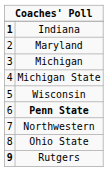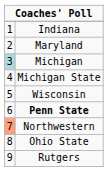 <table class="wikitable" style="display: inline-table;">
 <tr>
 <td align="center" Colspan="3"><strong>Coaches' Poll</strong></td>
 </tr>
 <tr align="center">
 </tr>
 <tr align="center">
-<td><strong>1</strong></td>
+<td>1</td>
 <td>Indiana</td>
 </tr>
 <tr align="center">
 <td>2</td>
 <td>Maryland</td>
 </tr>
 <tr align="center">
-<td>3</td>
+<td style="background: lightblue;">3</td>
 <td>Michigan</td>
 </tr>
 <tr align="center">
 <td>4</td>
 <td>Michigan State</td>
 </tr>
 <tr align="center">
 <td>5</td>
 <td>Wisconsin</td>
 </tr>
 <tr align="center">
 <td>6</td>
 <td><strong>Penn State</strong></td>
 </tr>
 <tr align="center">
-<td>7</td>
+<td style="background: lightsalmon;">7</td>
 <td>Northwestern</td>
 </tr>
 <tr align="center">
 <td>8</td>
 <td>Ohio State</td>
 </tr>
 <tr align="center">
-<td><strong>9</strong></td>
+<td>9</td>
 <td>Rutgers</td>
 </tr>
 </table>
